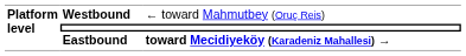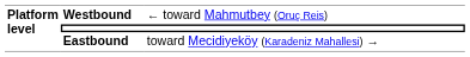 <table cellpadding="3" cellspacing="0" border="0">
 <tr>
 <td rowspan="3" width="50" style="border-top-color: gray; border-bottom-color: gray; border-top-width: 1px; border-bottom-width: 1px; border-top-style: solid; border-bottom-style: solid;" valign="top"><strong>Platform level</strong></td>
 <td width="100" style="border-top-color: gray; border-top-width: 1px; border-top-style: solid;"><strong>Westbound</strong></td>
 <td width="400" style="border-top-color: gray; border-top-width: 1px; border-top-style: solid;">←  toward <a href='#'>Mahmutbey</a> <small>(<a href='#'>Oruç Reis</a>)</small></td>
 </tr>
 <tr>
 <td colspan="2" style="border: 2px solid black; border-image: none; text-align: center;"></td>
 </tr>
 <tr>
 <td style="border-bottom-color: gray; border-bottom-width: 1px; border-bottom-style: solid;"><strong>Eastbound</strong></td>
-<td style="border-bottom-color: gray; border-bottom-width: 1px; border-bottom-style: solid;"><strong> toward <a href='#'>Mecidiyeköy</a> <small>(<a href='#'>Karadeniz Mahallesi</a>)</small> →</strong></td>
+<td style="border-bottom-color: gray; border-bottom-width: 1px; border-bottom-style: solid;"> toward <a href='#'>Mecidiyeköy</a> <small>(<a href='#'>Karadeniz Mahallesi</a>)</small> →</td>
 </tr>
 </table>
